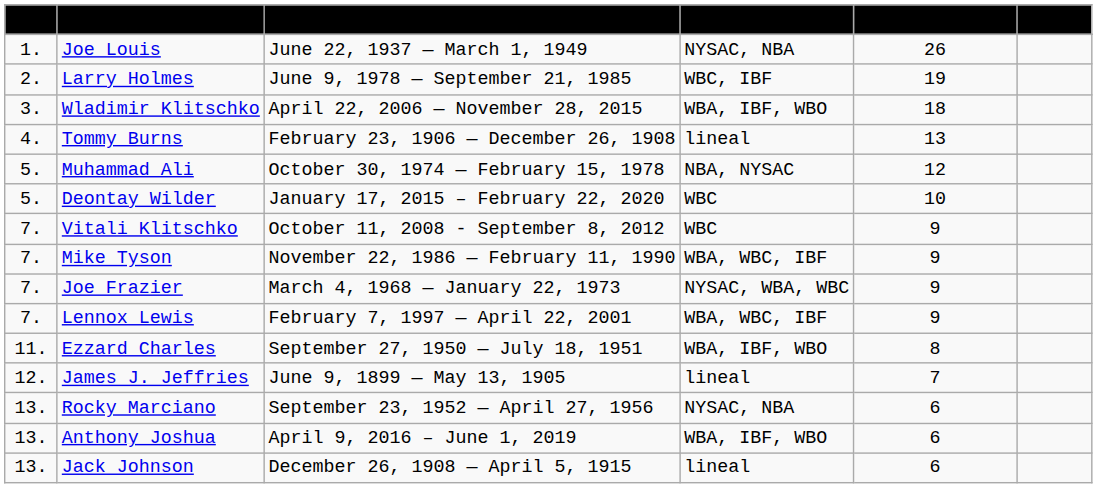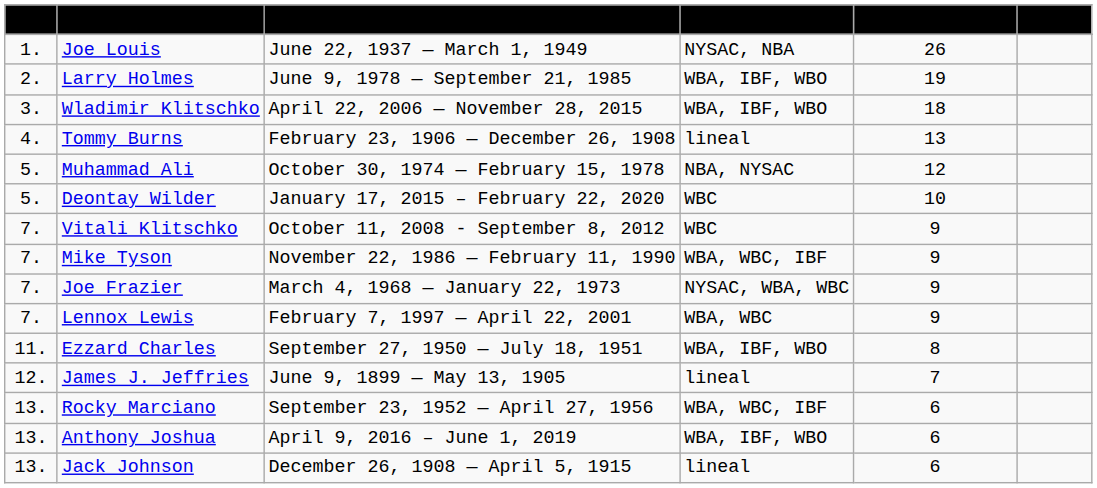 <table class="wikitable sortable" style="font-size:100%;  margin:0 .5em .5em 0; margin-top:.5em; margin-bottom:.5em; border:1px solid #CCC; border-collapse:collapse; text-align:left;">
 <tr>
 <th style="background: #D1EEEE; background: black;« width=»10%"><span>Pos.</span></th>
 <th style="background: #D1EEEE; background: black;« width=»10%"><span>Name</span></th>
 <th style="background: #D1EEEE; background: black;« width=»10%"><span>Reign began-ended</span></th>
 <th style="background: #D1EEEE; background: black;« width=»10%"><span>Recognition</span></th>
 <th style="background: #D1EEEE; background: black;« width=»10%"><span>Title defenses</span></th>
 <th style="background: #D1EEEE; background: black;« width=»10%"><span>Fights</span></th>
 </tr>
 <tr>
 </tr>
 <tr bgcolor=>
 <td align="center">1.</td>
 <td><a href='#'>Joe Louis</a></td>
 <td>June 22, 1937 — March 1, 1949</td>
 <td>NYSAC, NBA</td>
 <td align="center">26</td>
 <td></td>
 </tr>
 <tr>
 <td align="center">2.</td>
 <td><a href='#'>Larry Holmes</a></td>
 <td>June 9, 1978 — September 21, 1985</td>
-<td>WBC, IBF</td>
+<td>WBA, IBF, WBO</td>
 <td align="center">19</td>
 <td></td>
 </tr>
 <tr>
 <td align="center">3.</td>
 <td><a href='#'>Wladimir Klitschko</a></td>
 <td>April 22, 2006 — November 28, 2015</td>
 <td>WBA, IBF, WBO</td>
 <td align="center">18</td>
 <td></td>
 </tr>
 <tr>
 <td align="center">4.</td>
 <td><a href='#'>Tommy Burns</a></td>
 <td>February 23, 1906 — December 26, 1908</td>
 <td>lineal</td>
 <td align="center">13</td>
 <td></td>
 </tr>
 <tr>
 <td align="center">5.</td>
 <td><a href='#'>Muhammad Ali</a></td>
 <td>October 30, 1974 — February 15, 1978</td>
 <td>NBA, NYSAC</td>
 <td align="center">12</td>
 <td></td>
 </tr>
 <tr>
 <td align="center">5.</td>
 <td><a href='#'>Deontay Wilder</a></td>
 <td>January 17, 2015 – February 22, 2020</td>
 <td>WBC</td>
 <td align="center">10</td>
 <td></td>
 </tr>
 <tr>
 <td align="center">7.</td>
 <td><a href='#'>Vitali Klitschko</a></td>
 <td>October 11, 2008 - September 8, 2012</td>
 <td>WBC</td>
 <td align="center">9</td>
 <td></td>
 </tr>
 <tr>
 <td align="center">7.</td>
 <td><a href='#'>Mike Tyson</a></td>
 <td>November 22, 1986 — February 11, 1990</td>
 <td>WBA, WBC, IBF</td>
 <td align="center">9</td>
 <td></td>
 </tr>
 <tr>
 <td align="center">7.</td>
 <td><a href='#'>Joe Frazier</a></td>
 <td>March 4, 1968 — January 22, 1973</td>
 <td>NYSAC, WBA, WBC</td>
 <td align="center">9</td>
 <td></td>
 </tr>
 <tr>
 <td align="center">7.</td>
 <td><a href='#'>Lennox Lewis</a></td>
 <td>February 7, 1997 — April 22, 2001</td>
-<td>WBA, WBC, IBF</td>
+<td>WBA, WBC</td>
 <td align="center">9</td>
 <td></td>
 </tr>
 <tr>
 <td align="center">11.</td>
 <td><a href='#'>Ezzard Charles</a></td>
 <td>September 27, 1950 — July 18, 1951</td>
 <td>WBA, IBF, WBO</td>
 <td align="center">8</td>
 <td></td>
 </tr>
 <tr>
 <td align="center">12.</td>
 <td><a href='#'>James J. Jeffries</a></td>
 <td>June 9, 1899 — May 13, 1905</td>
 <td>lineal</td>
 <td align="center">7</td>
 <td></td>
 </tr>
 <tr>
 <td align="center">13.</td>
 <td><a href='#'>Rocky Marciano</a></td>
 <td>September 23, 1952 — April 27, 1956</td>
-<td>NYSAC, NBA</td>
+<td>WBA, WBC, IBF</td>
 <td align="center">6</td>
 <td></td>
 </tr>
 <tr>
 <td align="center">13.</td>
 <td><a href='#'>Anthony Joshua</a></td>
 <td>April 9, 2016 – June 1, 2019</td>
 <td>WBA, IBF, WBO</td>
 <td align="center">6</td>
 <td></td>
 </tr>
 <tr>
 <td align="center">13.</td>
 <td><a href='#'>Jack Johnson</a></td>
 <td>December 26, 1908 — April 5, 1915</td>
 <td>lineal</td>
 <td align="center">6</td>
 <td></td>
 </tr>
 </table>
